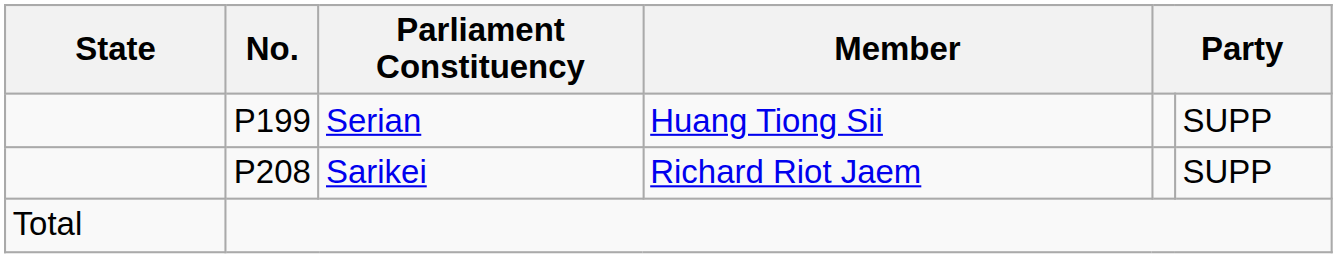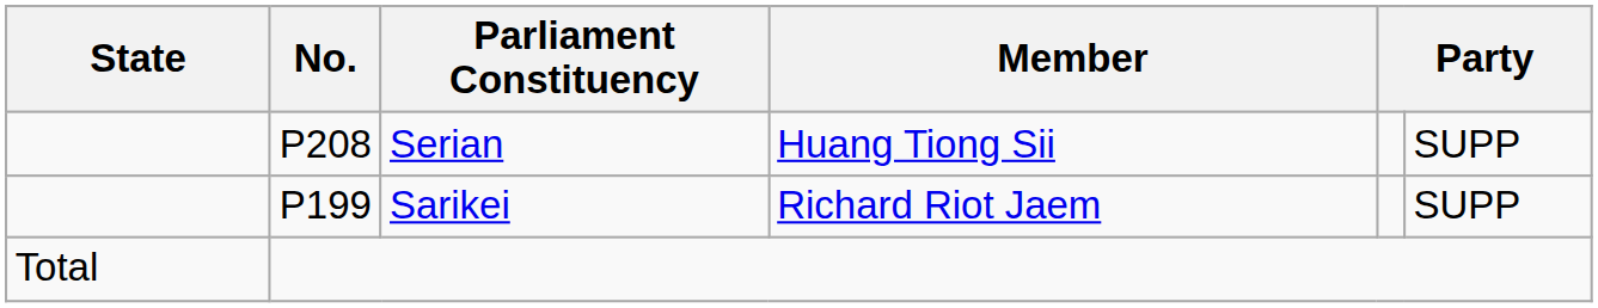 <table class ="wikitable sortable">
 <tr>
 <th style="width:100px;">State</th>
 <th style="width:30px;">No.</th>
 <th style="width:150px;">Parliament Constituency</th>
 <th style="width:240px;">Member</th>
 <th style="width:80px;" colspan=2>Party</th>
 </tr>
 <tr>
 <td></td>
-<td>P199</td>
+<td>P208</td>
 <td><a href='#'>Serian</a></td>
 <td><a href='#'>Huang Tiong Sii</a></td>
 <td></td>
 <td>SUPP</td>
 </tr>
 <tr>
 <td></td>
-<td>P208</td>
+<td>P199</td>
 <td><a href='#'>Sarikei</a></td>
 <td><a href='#'>Richard Riot Jaem</a></td>
 <td></td>
 <td>SUPP</td>
 </tr>
 <tr>
 <td>Total</td>
 <td style="width:30px;" colspan=6></td>
 </tr>
 </table>
